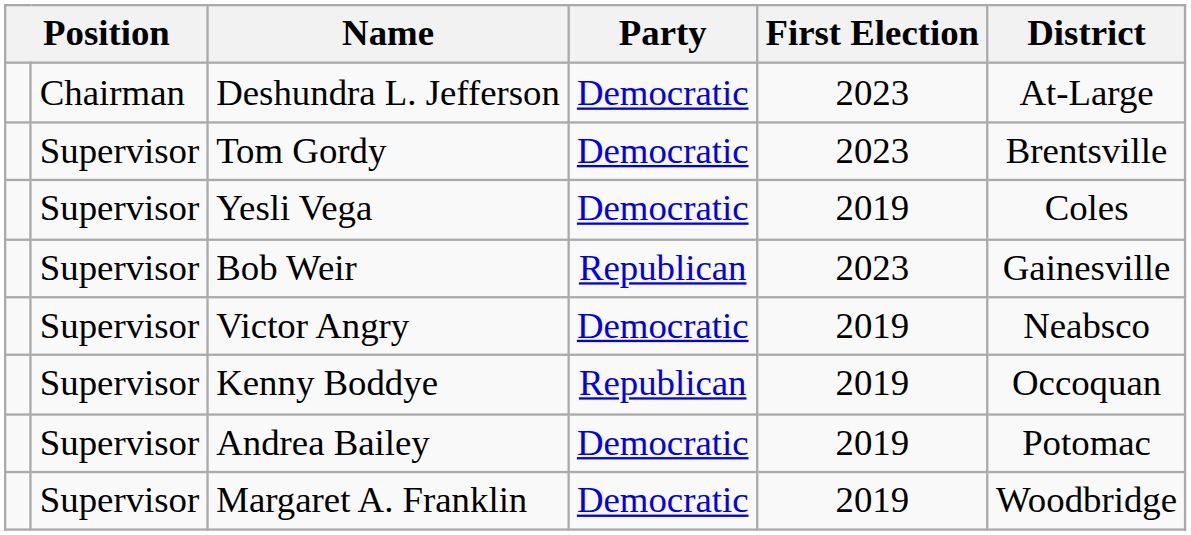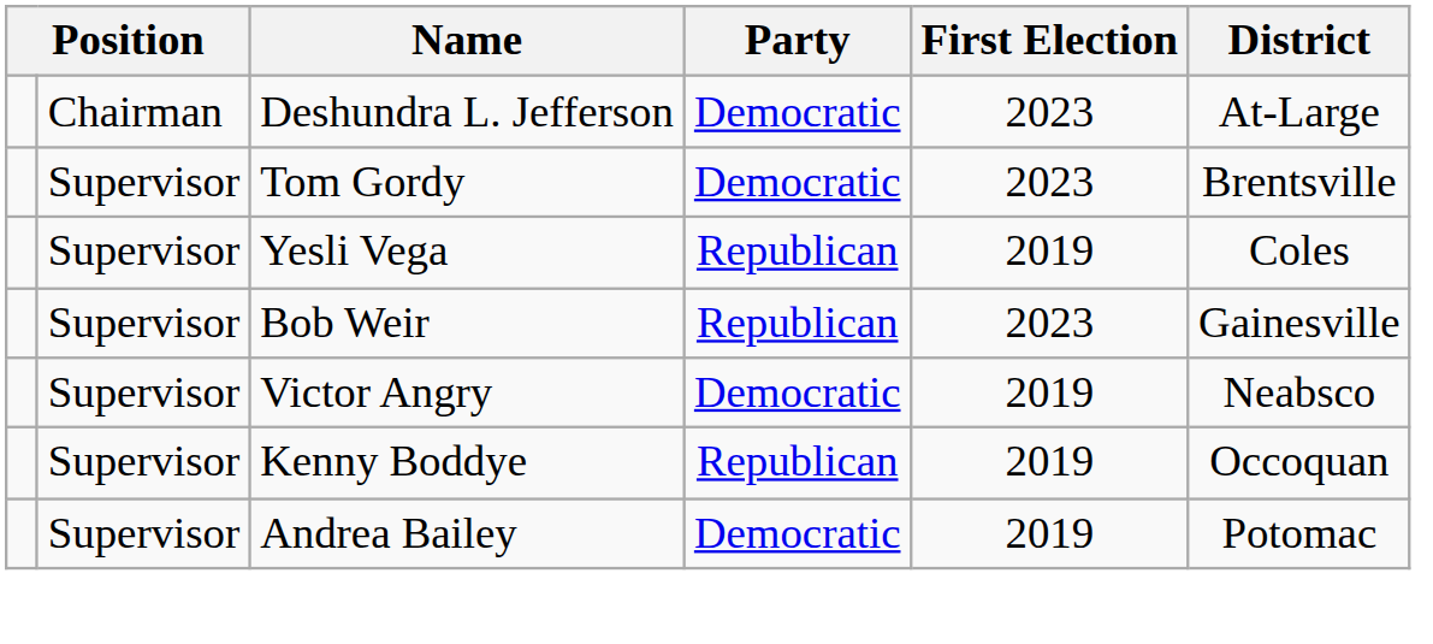 <table class=wikitable>
 <tr>
 <th colspan=2 align=center valign=bottom>Position</th>
 <th style="text-align:center;">Name</th>
 <th valign=bottom>Party</th>
 <th valign=bottom align=center>First Election</th>
 <th valign=bottom align=center>District</th>
 </tr>
 <tr>
 <td style="background-color:"> </td>
 <td>Chairman</td>
 <td>Deshundra L. Jefferson</td>
 <td style="text-align:center;"><a href='#'>Democratic</a></td>
 <td style="text-align:center;">2023</td>
 <td style="text-align:center;">At-Large</td>
 </tr>
 <tr>
 <td style="background-color:"> </td>
 <td>Supervisor</td>
 <td>Tom Gordy</td>
 <td style="text-align:center;"><a href='#'>Democratic</a></td>
 <td style="text-align:center;">2023</td>
 <td style="text-align:center;">Brentsville</td>
 </tr>
 <tr>
 <td style="background-color:"> </td>
 <td>Supervisor</td>
 <td>Yesli Vega</td>
-<td style="text-align:center;"><a href='#'>Democratic</a></td>
+<td style="text-align:center;"><a href='#'>Republican</a></td>
 <td style="text-align:center;">2019</td>
 <td style="text-align:center;">Coles</td>
 </tr>
 <tr>
 <td style="background-color:"> </td>
 <td>Supervisor</td>
 <td>Bob Weir</td>
 <td style="text-align:center;"><a href='#'>Republican</a></td>
 <td style="text-align:center;">2023 </td>
 <td style="text-align:center;">Gainesville</td>
 </tr>
 <tr>
 <td style="background-color:"> </td>
 <td>Supervisor</td>
 <td>Victor Angry</td>
 <td style="text-align:center;"><a href='#'>Democratic</a></td>
 <td style="text-align:center;">2019 </td>
 <td style="text-align:center;">Neabsco</td>
 </tr>
 <tr>
 <td style="background-color:"> </td>
 <td>Supervisor</td>
 <td>Kenny Boddye</td>
 <td style="text-align:center;"><a href='#'>Republican</a></td>
 <td style="text-align:center;">2019</td>
 <td style="text-align:center;">Occoquan</td>
 </tr>
 <tr>
 <td style="background-color:"> </td>
 <td>Supervisor</td>
 <td>Andrea Bailey</td>
 <td style="text-align:center;"><a href='#'>Democratic</a></td>
 <td style="text-align:center;">2019</td>
 <td style="text-align:center;">Potomac</td>
 </tr>
-<tr>
-<td style="background-color:"> </td>
-<td>Supervisor</td>
-<td>Margaret A. Franklin</td>
-<td style="text-align:center;"><a href='#'>Democratic</a></td>
-<td style="text-align:center;">2019</td>
-<td style="text-align:center;">Woodbridge</td>
-</tr>
 </table>
